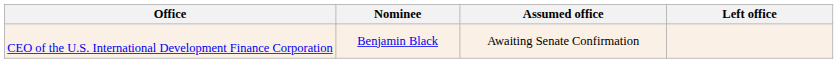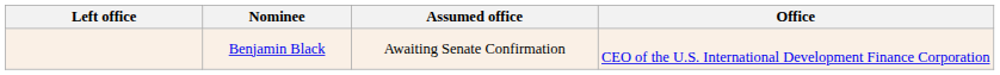 <table class="wikitable sortable" style="text-align:center">
 <tr>
-<th style="width:40%;">Office</th>
+<th style="width:20%;" data-sort- type="date">Left office</th>
 <th style="width:15%;">Nominee</th>
 <th style="width:25%;" data-sort- type="date">Assumed office</th>
-<th style="width:20%;" data-sort- type="date">Left office</th>
+<th style="width:40%;">Office</th>
 </tr>
 <tr style="background:linen">
-<td><br><a href='#'>CEO of the U.S. International Development Finance Corporation</a></td>
+<td></td>
 <td><a href='#'>Benjamin Black</a></td>
 <td>Awaiting Senate Confirmation</td>
-<td></td>
+<td><br><a href='#'>CEO of the U.S. International Development Finance Corporation</a></td>
 </tr>
 </table>
